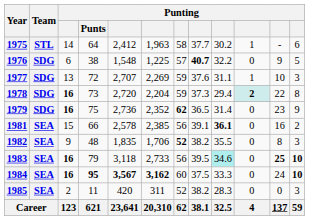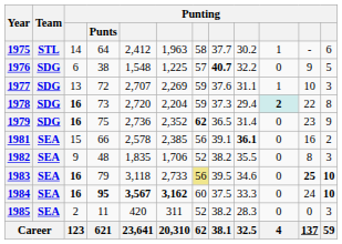 <table class=wikitable style="text-align:center;">
 <tr>
 <th rowspan="2">Year</th>
 <th rowspan="2">Team</th>
 <th colspan="10">Punting</th>
 </tr>
 <tr>
 <th></th>
 <th>Punts</th>
 <th></th>
 <th></th>
 <th></th>
 <th></th>
 <th></th>
 <th></th>
 <th></th>
 <th></th>
 </tr>
 <tr>
 <th><a href='#'>1975</a></th>
 <th><a href='#'>STL</a></th>
 <td>14</td>
 <td>64</td>
 <td>2,412</td>
 <td>1,963</td>
 <td>58</td>
 <td>37.7</td>
 <td>30.2</td>
 <td>1</td>
 <td>-</td>
 <td>6</td>
 </tr>
 <tr>
 <th><a href='#'>1976</a></th>
 <th><a href='#'>SDG</a></th>
 <td>6</td>
 <td>38</td>
 <td>1,548</td>
 <td>1,225</td>
 <td>57</td>
 <td><strong>40.7</strong></td>
 <td>32.2</td>
 <td>0</td>
 <td>9</td>
 <td>5</td>
 </tr>
 <tr>
 <th><a href='#'>1977</a></th>
 <th><a href='#'>SDG</a></th>
 <td>13</td>
 <td>72</td>
 <td>2,707</td>
 <td>2,269</td>
 <td>59</td>
 <td>37.6</td>
 <td>31.1</td>
 <td>1</td>
 <td>10</td>
 <td>3</td>
 </tr>
 <tr>
 <th><a href='#'>1978</a></th>
 <th><a href='#'>SDG</a></th>
 <td><strong>16</strong></td>
 <td>73</td>
 <td>2,720</td>
 <td>2,204</td>
 <td>59</td>
 <td>37.3</td>
 <td>29.4</td>
 <td style="background:#cfecec; width:3em;"><strong>2</strong></td>
 <td>22</td>
 <td>8</td>
 </tr>
 <tr>
 <th><a href='#'>1979</a></th>
 <th><a href='#'>SDG</a></th>
 <td><strong>16</strong></td>
 <td>75</td>
 <td>2,736</td>
 <td>2,352</td>
 <td><strong>62</strong></td>
 <td>36.5</td>
 <td>31.4</td>
 <td>0</td>
 <td>23</td>
 <td>9</td>
 </tr>
 <tr>
 <th><a href='#'>1981</a></th>
 <th><a href='#'>SEA</a></th>
 <td>15</td>
 <td>66</td>
 <td>2,578</td>
 <td>2,385</td>
 <td>56</td>
 <td>39.1</td>
 <td><strong>36.1</strong></td>
 <td>0</td>
 <td>16</td>
 <td>2</td>
 </tr>
 <tr>
 <th><a href='#'>1982</a></th>
 <th><a href='#'>SEA</a></th>
 <td>9</td>
 <td>48</td>
 <td>1,835</td>
 <td>1,706</td>
-<td><strong>52</strong></td>
+<td>52</td>
 <td>38.2</td>
 <td>35.5</td>
 <td>0</td>
 <td>8</td>
 <td>3</td>
 </tr>
 <tr>
 <th><a href='#'>1983</a></th>
 <th><a href='#'>SEA</a></th>
 <td><strong>16</strong></td>
 <td>79</td>
 <td>3,118</td>
 <td>2,733</td>
-<td>56</td>
+<td style="background: khaki;">56</td>
 <td>39.5</td>
-<td style="background: paleturquoise;">34.6</td>
+<td>34.6</td>
 <td>0</td>
 <td><strong>25</strong></td>
 <td><strong>10</strong></td>
 </tr>
 <tr>
 <th><a href='#'>1984</a></th>
 <th><a href='#'>SEA</a></th>
 <td><strong>16</strong></td>
 <td><strong>95</strong></td>
 <td><strong>3,567</strong></td>
 <td><strong>3,162</strong></td>
 <td>60</td>
 <td>37.5</td>
 <td>33.3</td>
 <td>0</td>
 <td>24</td>
 <td><strong>10</strong></td>
 </tr>
 <tr>
 <th><a href='#'>1985</a></th>
 <th><a href='#'>SEA</a></th>
 <td>2</td>
 <td>11</td>
 <td>420</td>
 <td>311</td>
 <td>52</td>
 <td>38.2</td>
 <td>28.3</td>
 <td>0</td>
 <td>0</td>
 <td>3</td>
 </tr>
 <tr>
 <th colspan="2">Career</th>
 <th>123</th>
 <th>621</th>
 <th>23,641</th>
 <th>20,310</th>
 <th>62</th>
 <th>38.1</th>
 <th>32.5</th>
 <th>4</th>
 <th><u>137</u></th>
 <th>59</th>
 </tr>
 </table>
